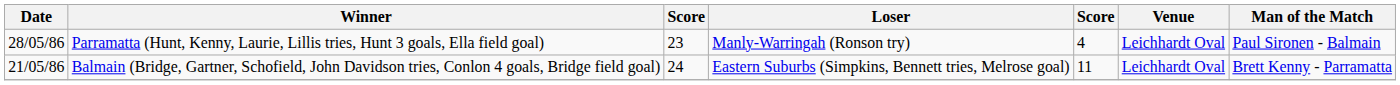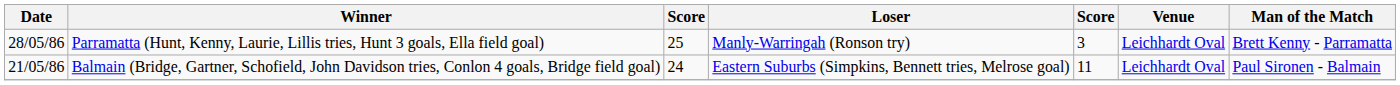 <table class="wikitable">
 <tr>
 <th>Date</th>
 <th>Winner</th>
 <th>Score</th>
 <th>Loser</th>
 <th>Score</th>
 <th>Venue</th>
 <th>Man of the Match</th>
 </tr>
 <tr>
 <td>28/05/86</td>
 <td> <a href='#'>Parramatta</a> (Hunt, Kenny, Laurie, Lillis tries, Hunt 3 goals, Ella field goal)</td>
-<td>23</td>
+<td>25</td>
 <td> <a href='#'>Manly-Warringah</a> (Ronson try)</td>
-<td>4</td>
+<td>3</td>
 <td><a href='#'>Leichhardt Oval</a></td>
-<td><a href='#'>Paul Sironen</a> - <a href='#'>Balmain</a></td>
+<td><a href='#'>Brett Kenny</a> - <a href='#'>Parramatta</a></td>
 </tr>
 <tr>
 <td>21/05/86</td>
 <td> <a href='#'>Balmain</a> (Bridge, Gartner, Schofield, John Davidson tries, Conlon 4 goals, Bridge field goal)</td>
 <td>24</td>
 <td> <a href='#'>Eastern Suburbs</a> (Simpkins, Bennett tries, Melrose goal)</td>
 <td>11</td>
 <td><a href='#'>Leichhardt Oval</a></td>
-<td><a href='#'>Brett Kenny</a> - <a href='#'>Parramatta</a></td>
+<td><a href='#'>Paul Sironen</a> - <a href='#'>Balmain</a></td>
 </tr>
 <tr>
 </tr>
 </table>
